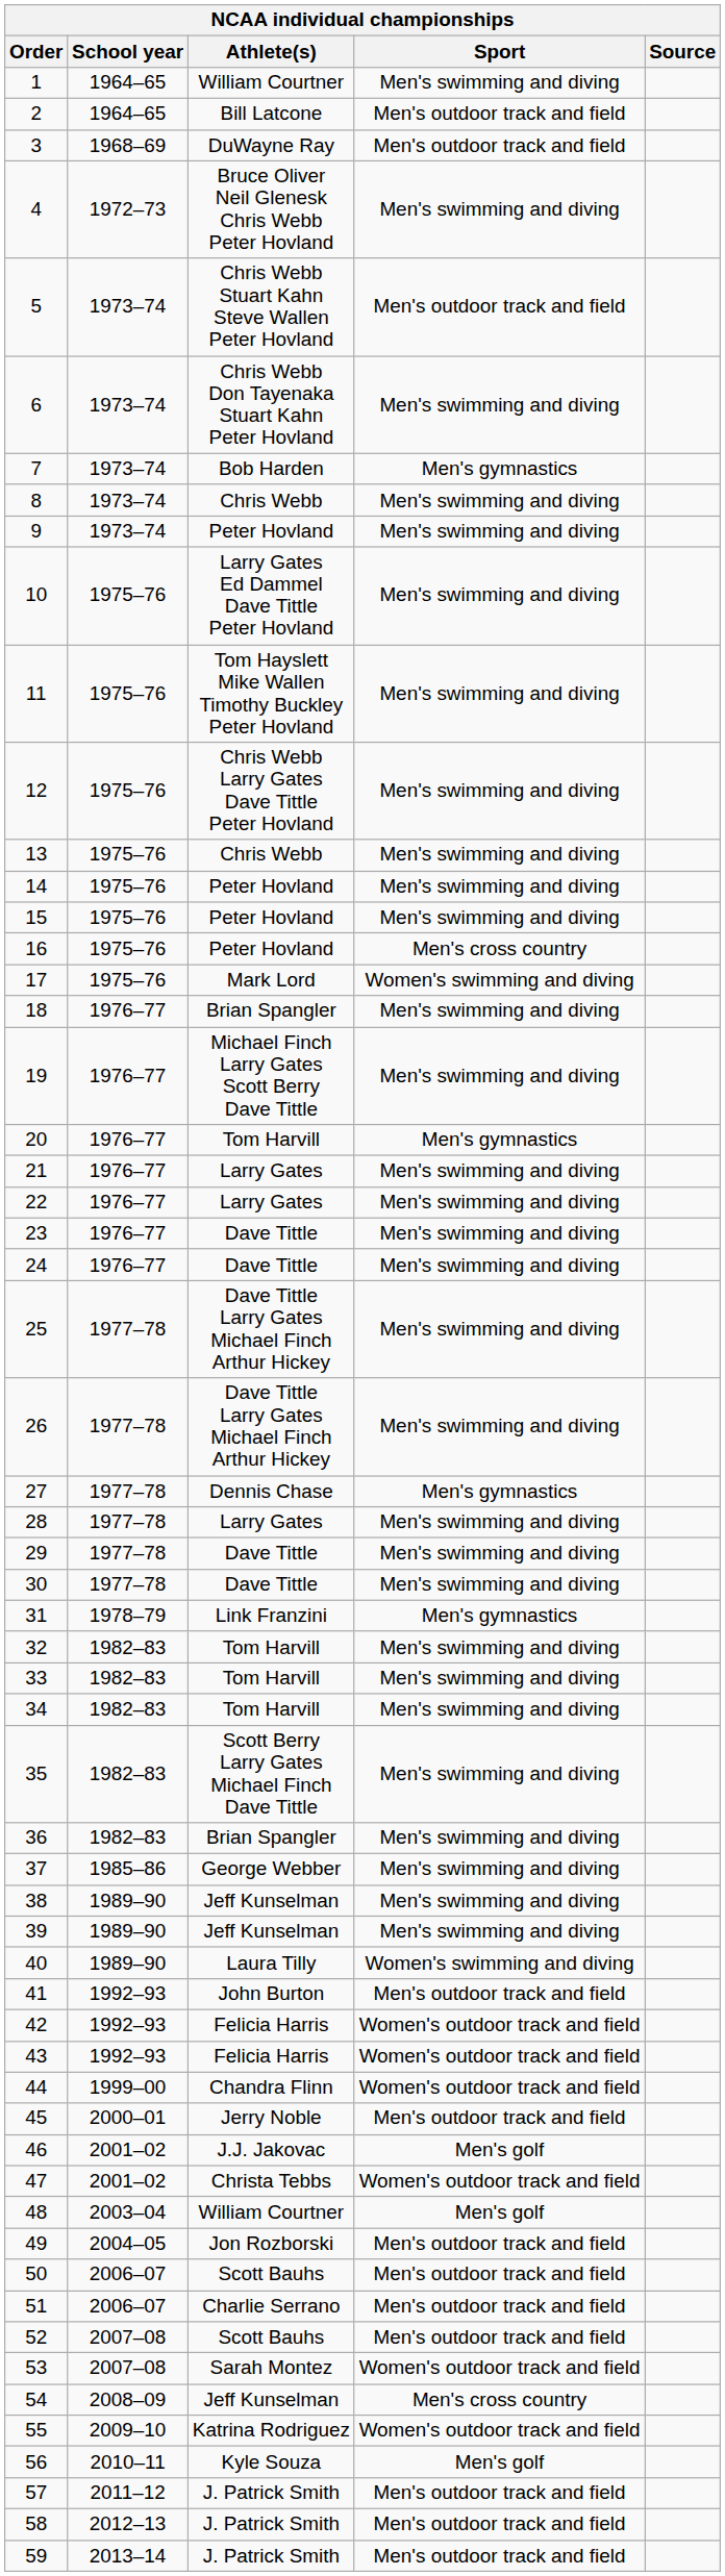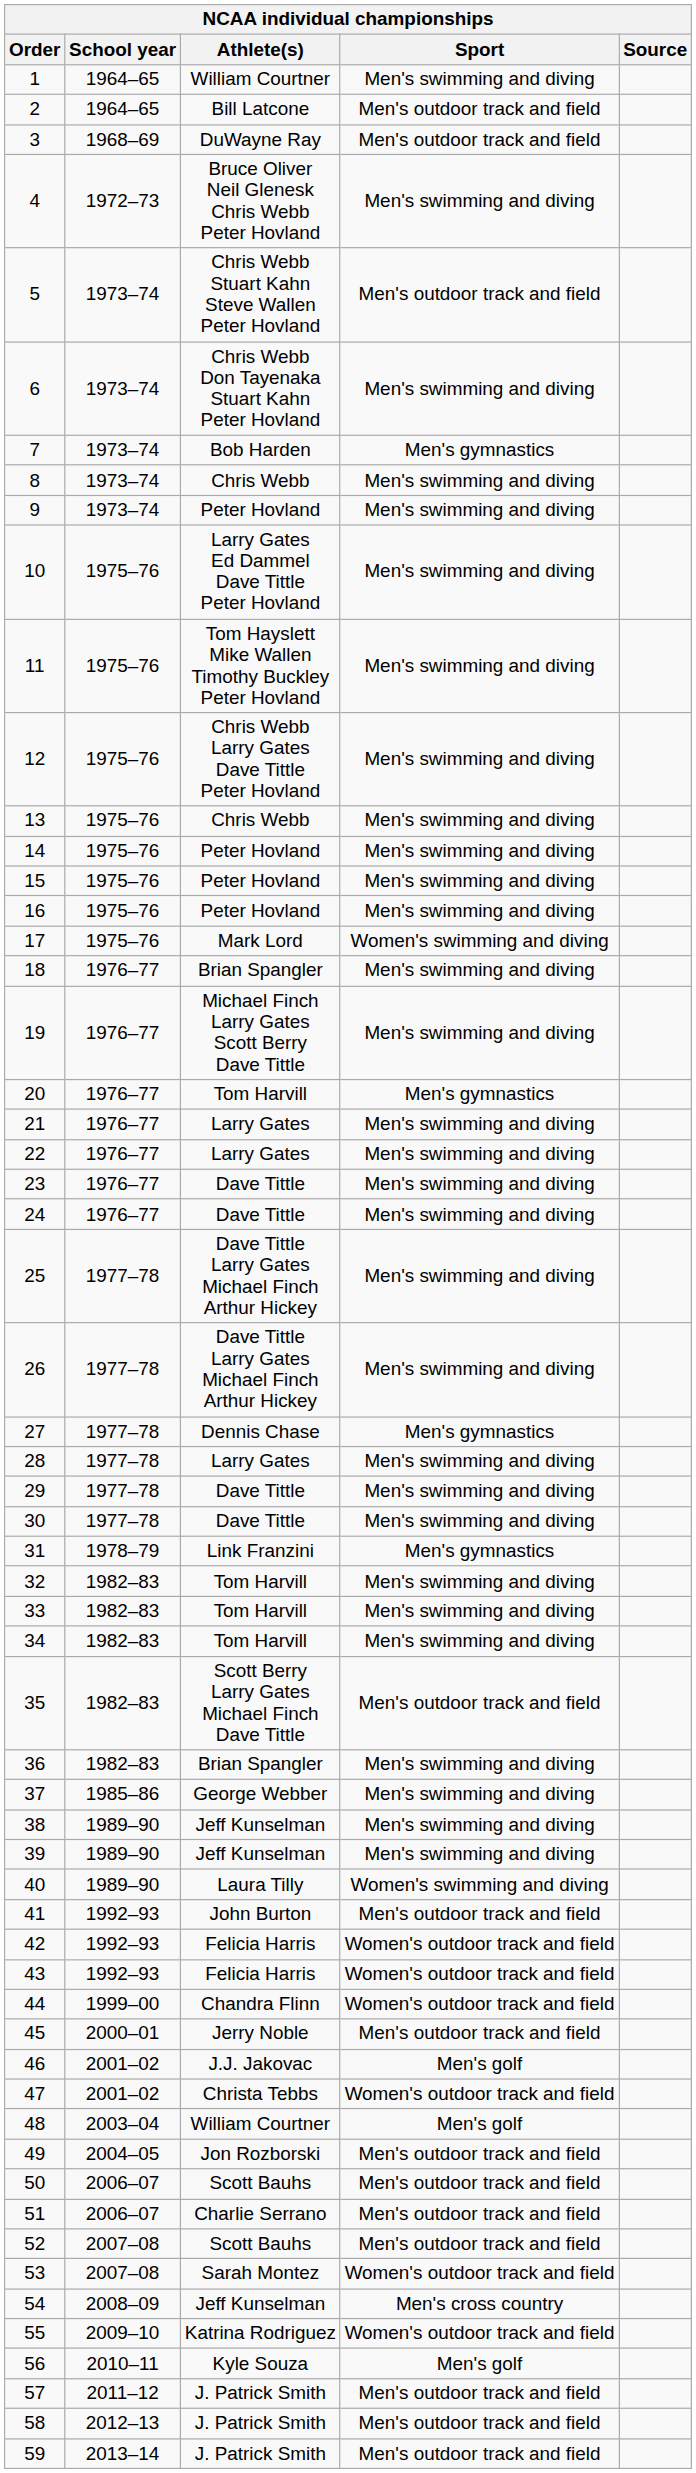 <table class="wikitable sortable collapsible collapsed" style="text-align:center">
 <tr align="center">
 <th colspan=5>NCAA individual championships</th>
 </tr>
 <tr>
 <th>Order</th>
 <th>School year</th>
 <th>Athlete(s)</th>
 <th>Sport</th>
 <th>Source</th>
 </tr>
 <tr align="center" bgcolor="">
 <td>1</td>
 <td>1964–65</td>
 <td>William Courtner</td>
 <td>Men's swimming and diving</td>
 <td></td>
 </tr>
 <tr align="center" bgcolor="">
 <td>2</td>
 <td>1964–65</td>
 <td>Bill Latcone</td>
 <td>Men's outdoor track and field</td>
 <td></td>
 </tr>
 <tr align="center" bgcolor="">
 <td>3</td>
 <td>1968–69</td>
 <td>DuWayne Ray</td>
 <td>Men's outdoor track and field</td>
 <td></td>
 </tr>
 <tr align="center" bgcolor="">
 <td>4</td>
 <td>1972–73</td>
 <td>Bruce Oliver<br>Neil Glenesk<br>Chris Webb<br>Peter Hovland</td>
 <td>Men's swimming and diving</td>
 <td></td>
 </tr>
 <tr align="center" bgcolor="">
 <td>5</td>
 <td>1973–74</td>
 <td>Chris Webb<br>Stuart Kahn<br>Steve Wallen<br>Peter Hovland</td>
 <td>Men's outdoor track and field</td>
 <td></td>
 </tr>
 <tr align="center" bgcolor="">
 <td>6</td>
 <td>1973–74</td>
 <td>Chris Webb<br>Don Tayenaka<br>Stuart Kahn<br>Peter Hovland</td>
 <td>Men's swimming and diving</td>
 <td></td>
 </tr>
 <tr align="center" bgcolor="">
 <td>7</td>
 <td>1973–74</td>
 <td>Bob Harden</td>
 <td>Men's gymnastics</td>
 <td></td>
 </tr>
 <tr align="center" bgcolor="">
 <td>8</td>
 <td>1973–74</td>
 <td>Chris Webb</td>
 <td>Men's swimming and diving</td>
 <td></td>
 </tr>
 <tr align="center" bgcolor="">
 <td>9</td>
 <td>1973–74</td>
 <td>Peter Hovland</td>
 <td>Men's swimming and diving</td>
 <td></td>
 </tr>
 <tr align="center" bgcolor="">
 <td>10</td>
 <td>1975–76</td>
 <td>Larry Gates<br>Ed Dammel<br>Dave Tittle<br>Peter Hovland</td>
 <td>Men's swimming and diving</td>
 <td></td>
 </tr>
 <tr align="center" bgcolor="">
 <td>11</td>
 <td>1975–76</td>
 <td>Tom Hayslett<br>Mike Wallen<br>Timothy Buckley<br>Peter Hovland</td>
 <td>Men's swimming and diving</td>
 <td></td>
 </tr>
 <tr align="center" bgcolor="">
 <td>12</td>
 <td>1975–76</td>
 <td>Chris Webb<br>Larry Gates<br>Dave Tittle<br>Peter Hovland</td>
 <td>Men's swimming and diving</td>
 <td></td>
 </tr>
 <tr align="center" bgcolor="">
 <td>13</td>
 <td>1975–76</td>
 <td>Chris Webb</td>
 <td>Men's swimming and diving</td>
 <td></td>
 </tr>
 <tr align="center" bgcolor="">
 <td>14</td>
 <td>1975–76</td>
 <td>Peter Hovland</td>
 <td>Men's swimming and diving</td>
 <td></td>
 </tr>
 <tr align="center" bgcolor="">
 <td>15</td>
 <td>1975–76</td>
 <td>Peter Hovland</td>
 <td>Men's swimming and diving</td>
 <td></td>
 </tr>
 <tr align="center" bgcolor="">
 <td>16</td>
 <td>1975–76</td>
 <td>Peter Hovland</td>
-<td>Men's cross country</td>
+<td>Men's swimming and diving</td>
 <td></td>
 </tr>
 <tr align="center" bgcolor="">
 <td>17</td>
 <td>1975–76</td>
 <td>Mark Lord</td>
 <td>Women's swimming and diving</td>
 <td></td>
 </tr>
 <tr align="center" bgcolor="">
 <td>18</td>
 <td>1976–77</td>
 <td>Brian Spangler</td>
 <td>Men's swimming and diving</td>
 <td></td>
 </tr>
 <tr align="center" bgcolor="">
 <td>19</td>
 <td>1976–77</td>
 <td>Michael Finch<br>Larry Gates<br>Scott Berry<br>Dave Tittle</td>
 <td>Men's swimming and diving</td>
 <td></td>
 </tr>
 <tr align="center" bgcolor="">
 <td>20</td>
 <td>1976–77</td>
 <td>Tom Harvill</td>
 <td>Men's gymnastics</td>
 <td></td>
 </tr>
 <tr align="center" bgcolor="">
 <td>21</td>
 <td>1976–77</td>
 <td>Larry Gates</td>
 <td>Men's swimming and diving</td>
 <td></td>
 </tr>
 <tr align="center" bgcolor="">
 <td>22</td>
 <td>1976–77</td>
 <td>Larry Gates</td>
 <td>Men's swimming and diving</td>
 <td></td>
 </tr>
 <tr align="center" bgcolor="">
 <td>23</td>
 <td>1976–77</td>
 <td>Dave Tittle</td>
 <td>Men's swimming and diving</td>
 <td></td>
 </tr>
 <tr align="center" bgcolor="">
 <td>24</td>
 <td>1976–77</td>
 <td>Dave Tittle</td>
 <td>Men's swimming and diving</td>
 <td></td>
 </tr>
 <tr align="center" bgcolor="">
 <td>25</td>
 <td>1977–78</td>
 <td>Dave Tittle<br>Larry Gates<br>Michael Finch<br>Arthur Hickey</td>
 <td>Men's swimming and diving</td>
 <td></td>
 </tr>
 <tr align="center" bgcolor="">
 <td>26</td>
 <td>1977–78</td>
 <td>Dave Tittle<br>Larry Gates<br>Michael Finch<br>Arthur Hickey</td>
 <td>Men's swimming and diving</td>
 <td></td>
 </tr>
 <tr align="center" bgcolor="">
 <td>27</td>
 <td>1977–78</td>
 <td>Dennis Chase</td>
 <td>Men's gymnastics</td>
 <td></td>
 </tr>
 <tr align="center" bgcolor="">
 <td>28</td>
 <td>1977–78</td>
 <td>Larry Gates</td>
 <td>Men's swimming and diving</td>
 <td></td>
 </tr>
 <tr align="center" bgcolor="">
 <td>29</td>
 <td>1977–78</td>
 <td>Dave Tittle</td>
 <td>Men's swimming and diving</td>
 <td></td>
 </tr>
 <tr align="center" bgcolor="">
 <td>30</td>
 <td>1977–78</td>
 <td>Dave Tittle</td>
 <td>Men's swimming and diving</td>
 <td></td>
 </tr>
 <tr align="center" bgcolor="">
 <td>31</td>
 <td>1978–79</td>
 <td>Link Franzini</td>
 <td>Men's gymnastics</td>
 <td></td>
 </tr>
 <tr align="center" bgcolor="">
 <td>32</td>
 <td>1982–83</td>
 <td>Tom Harvill</td>
 <td>Men's swimming and diving</td>
 <td></td>
 </tr>
 <tr align="center" bgcolor="">
 <td>33</td>
 <td>1982–83</td>
 <td>Tom Harvill</td>
 <td>Men's swimming and diving</td>
 <td></td>
 </tr>
 <tr align="center" bgcolor="">
 <td>34</td>
 <td>1982–83</td>
 <td>Tom Harvill</td>
 <td>Men's swimming and diving</td>
 <td></td>
 </tr>
 <tr align="center" bgcolor="">
 <td>35</td>
 <td>1982–83</td>
 <td>Scott Berry<br>Larry Gates<br>Michael Finch<br>Dave Tittle</td>
-<td>Men's swimming and diving</td>
+<td>Men's outdoor track and field</td>
 <td></td>
 </tr>
 <tr align="center" bgcolor="">
 <td>36</td>
 <td>1982–83</td>
 <td>Brian Spangler</td>
 <td>Men's swimming and diving</td>
 <td></td>
 </tr>
 <tr align="center" bgcolor="">
 <td>37</td>
 <td>1985–86</td>
 <td>George Webber</td>
 <td>Men's swimming and diving</td>
 <td></td>
 </tr>
 <tr align="center" bgcolor="">
 <td>38</td>
 <td>1989–90</td>
 <td>Jeff Kunselman</td>
 <td>Men's swimming and diving</td>
 <td></td>
 </tr>
 <tr align="center" bgcolor="">
 <td>39</td>
 <td>1989–90</td>
 <td>Jeff Kunselman</td>
 <td>Men's swimming and diving</td>
 <td></td>
 </tr>
 <tr align="center" bgcolor="">
 <td>40</td>
 <td>1989–90</td>
 <td>Laura Tilly</td>
 <td>Women's swimming and diving</td>
 <td></td>
 </tr>
 <tr align="center" bgcolor="">
 <td>41</td>
 <td>1992–93</td>
 <td>John Burton</td>
 <td>Men's outdoor track and field</td>
 <td></td>
 </tr>
 <tr align="center" bgcolor="">
 <td>42</td>
 <td>1992–93</td>
 <td>Felicia Harris</td>
 <td>Women's outdoor track and field</td>
 <td></td>
 </tr>
 <tr align="center" bgcolor="">
 <td>43</td>
 <td>1992–93</td>
 <td>Felicia Harris</td>
 <td>Women's outdoor track and field</td>
 <td></td>
 </tr>
 <tr align="center" bgcolor="">
 <td>44</td>
 <td>1999–00</td>
 <td>Chandra Flinn</td>
 <td>Women's outdoor track and field</td>
 <td></td>
 </tr>
 <tr align="center" bgcolor="">
 <td>45</td>
 <td>2000–01</td>
 <td>Jerry Noble</td>
 <td>Men's outdoor track and field</td>
 <td></td>
 </tr>
 <tr align="center" bgcolor="">
 <td>46</td>
 <td>2001–02</td>
 <td>J.J. Jakovac</td>
 <td>Men's golf</td>
 <td></td>
 </tr>
 <tr align="center" bgcolor="">
 <td>47</td>
 <td>2001–02</td>
 <td>Christa Tebbs</td>
 <td>Women's outdoor track and field</td>
 <td></td>
 </tr>
 <tr align="center" bgcolor="">
 <td>48</td>
 <td>2003–04</td>
 <td>William Courtner</td>
 <td>Men's golf</td>
 <td></td>
 </tr>
 <tr align="center" bgcolor="">
 <td>49</td>
 <td>2004–05</td>
 <td>Jon Rozborski</td>
 <td>Men's outdoor track and field</td>
 <td></td>
 </tr>
 <tr align="center" bgcolor="">
 <td>50</td>
 <td>2006–07</td>
 <td>Scott Bauhs</td>
 <td>Men's outdoor track and field</td>
 <td></td>
 </tr>
 <tr align="center" bgcolor="">
 <td>51</td>
 <td>2006–07</td>
 <td>Charlie Serrano</td>
 <td>Men's outdoor track and field</td>
 <td></td>
 </tr>
 <tr align="center" bgcolor="">
 <td>52</td>
 <td>2007–08</td>
 <td>Scott Bauhs</td>
 <td>Men's outdoor track and field</td>
 <td></td>
 </tr>
 <tr align="center" bgcolor="">
 <td>53</td>
 <td>2007–08</td>
 <td>Sarah Montez</td>
 <td>Women's outdoor track and field</td>
 <td></td>
 </tr>
 <tr align="center" bgcolor="">
 <td>54</td>
 <td>2008–09</td>
 <td>Jeff Kunselman</td>
 <td>Men's cross country</td>
 <td></td>
 </tr>
 <tr align="center" bgcolor="">
 <td>55</td>
 <td>2009–10</td>
 <td>Katrina Rodriguez</td>
 <td>Women's outdoor track and field</td>
 <td></td>
 </tr>
 <tr align="center" bgcolor="">
 <td>56</td>
 <td>2010–11</td>
 <td>Kyle Souza</td>
 <td>Men's golf</td>
 <td></td>
 </tr>
 <tr align="center" bgcolor="">
 <td>57</td>
 <td>2011–12</td>
 <td>J. Patrick Smith</td>
 <td>Men's outdoor track and field</td>
 <td></td>
 </tr>
 <tr align="center" bgcolor="">
 <td>58</td>
 <td>2012–13</td>
 <td>J. Patrick Smith</td>
 <td>Men's outdoor track and field</td>
 <td></td>
 </tr>
 <tr align="center" bgcolor="">
 <td>59</td>
 <td>2013–14</td>
 <td>J. Patrick Smith</td>
 <td>Men's outdoor track and field</td>
 <td></td>
 </tr>
 </table>
